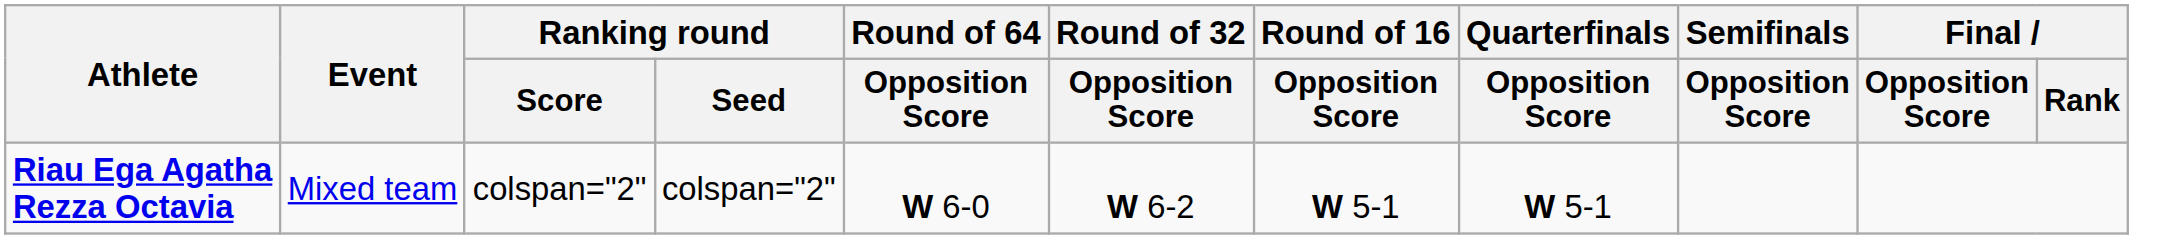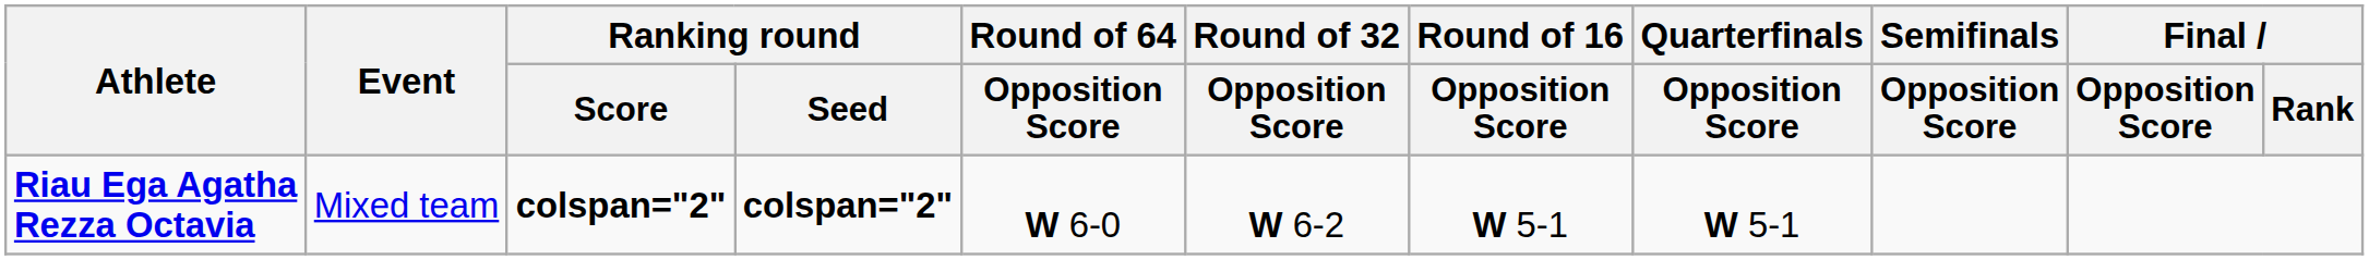 <table class=wikitable style=font-size:88%;text-align:center>
 <tr>
 <th rowspan=2>Athlete</th>
 <th rowspan=2>Event</th>
 <th colspan=2>Ranking round</th>
 <th>Round of 64</th>
 <th>Round of 32</th>
 <th>Round of 16</th>
 <th>Quarterfinals</th>
 <th>Semifinals</th>
 <th colspan=2>Final / </th>
 </tr>
 <tr style=font-size:95%>
 <th>Score</th>
 <th>Seed</th>
 <th>Opposition<br>Score</th>
 <th>Opposition<br>Score</th>
 <th>Opposition<br>Score</th>
 <th>Opposition<br>Score</th>
 <th>Opposition<br>Score</th>
 <th>Opposition<br>Score</th>
 <th>Rank</th>
 </tr>
 <tr>
 <td align=left><strong><a href='#'>Riau Ega Agatha</a><br><a href='#'>Rezza Octavia</a></strong></td>
 <td align=left rowspan=3><a href='#'>Mixed team</a></td>
-<td>colspan="2" </td>
-<td>colspan="2" </td>
+<td><strong>colspan="2" </strong></td>
+<td><strong>colspan="2" </strong></td>
 <td><br><strong>W</strong> 6-0</td>
 <td><br><strong>W</strong> 6-2</td>
 <td><br><strong>W</strong> 5-1</td>
 <td><br><strong>W</strong> 5-1</td>
 <td></td>
 </tr>
 </table>
